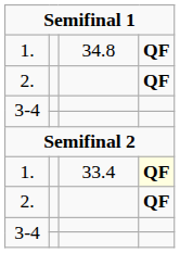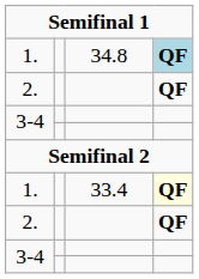 <table class=wikitable style="text-align:center">
 <tr>
 <td colspan=4><strong>Semifinal 1</strong></td>
 </tr>
 <tr>
 <td width=30>1.</td>
 <td align=left></td>
 <td width=60>34.8</td>
-<td><strong>QF</strong></td>
+<td style="background: lightblue;"><strong>QF</strong></td>
 </tr>
 <tr>
 <td>2.</td>
 <td align=left></td>
 <td></td>
 <td><strong>QF</strong></td>
 </tr>
 <tr>
 <td rowspan=2>3-4</td>
 <td align=left></td>
 <td></td>
 <td></td>
 </tr>
 <tr>
 <td align=left></td>
 <td></td>
 <td></td>
 </tr>
 <tr>
 <td colspan=4><strong>Semifinal 2</strong></td>
 </tr>
 <tr>
 <td>1.</td>
 <td align=left></td>
 <td>33.4</td>
 <td style="background: lightyellow;"><strong>QF</strong></td>
 </tr>
 <tr>
 <td>2.</td>
 <td align=left></td>
 <td></td>
 <td><strong>QF</strong></td>
 </tr>
 <tr>
 <td rowspan=2>3-4</td>
 <td align=left></td>
 <td></td>
 <td></td>
 </tr>
 <tr>
 <td align=left></td>
 <td></td>
 <td></td>
 </tr>
 </table>
